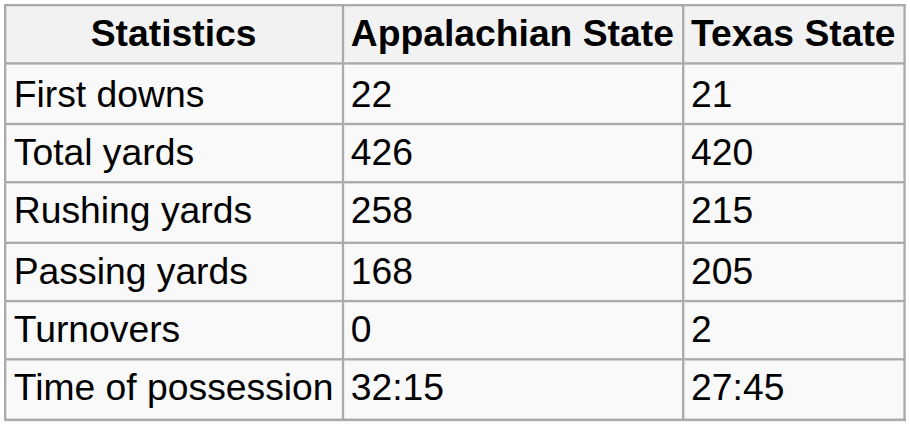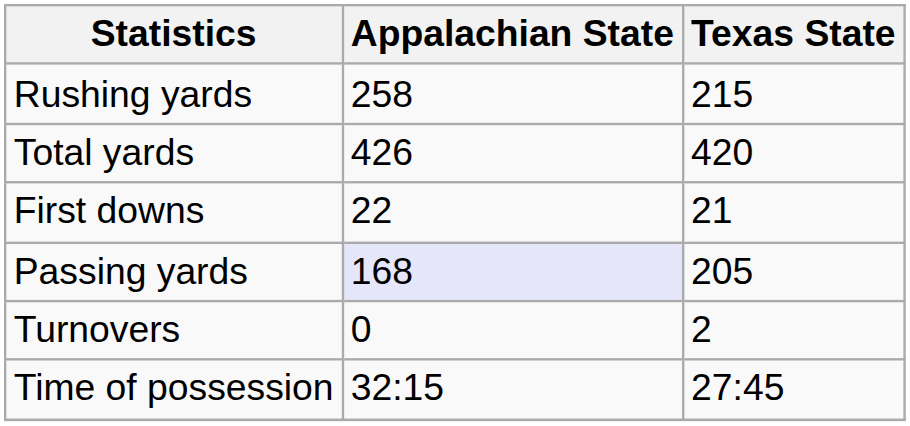 <table class="wikitable">
 <tr>
 <th>Statistics</th>
 <th>Appalachian State</th>
 <th>Texas State</th>
 </tr>
 <tr>
-<td>First downs</td>
-<td>22</td>
-<td>21</td>
+<td>Rushing yards</td>
+<td>258</td>
+<td>215</td>
 </tr>
 <tr>
 <td>Total yards</td>
 <td>426</td>
 <td>420</td>
 </tr>
 <tr>
-<td>Rushing yards</td>
-<td>258</td>
-<td>215</td>
+<td>First downs</td>
+<td>22</td>
+<td>21</td>
 </tr>
 <tr>
 <td>Passing yards</td>
-<td>168</td>
+<td style="background: lavender;">168</td>
 <td>205</td>
 </tr>
 <tr>
 <td>Turnovers</td>
 <td>0</td>
 <td>2</td>
 </tr>
 <tr>
 <td>Time of possession</td>
 <td>32:15</td>
 <td>27:45</td>
 </tr>
 <tr>
 </tr>
 </table>
